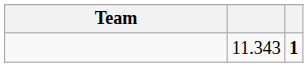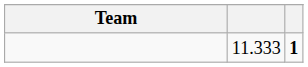 <table class="wikitable">
 <tr>
 </tr>
 <tr>
 <th width=190>Team</th>
 <th></th>
 <th></th>
 </tr>
 <tr>
 <td></td>
-<td align=right>11.343</td>
+<td align=right>11.333</td>
 <td align=center><strong>1</strong></td>
 </tr>
 </table>
